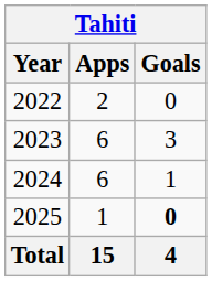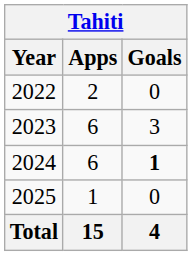 <table class="wikitable" style="text-align:center">
 <tr>
 <th colspan=3><a href='#'>Tahiti</a></th>
 </tr>
 <tr>
 <th>Year</th>
 <th>Apps</th>
 <th>Goals</th>
 </tr>
 <tr>
 <td>2022</td>
 <td>2</td>
 <td>0</td>
 </tr>
 <tr>
 <td>2023</td>
 <td>6</td>
 <td>3</td>
 </tr>
 <tr>
 <td>2024</td>
 <td>6</td>
-<td>1</td>
+<td><strong>1</strong></td>
 </tr>
 <tr>
 <td>2025</td>
 <td>1</td>
-<td><strong>0</strong></td>
+<td>0</td>
 </tr>
 <tr>
 <th>Total</th>
 <th>15</th>
 <th>4</th>
 </tr>
 </table>
